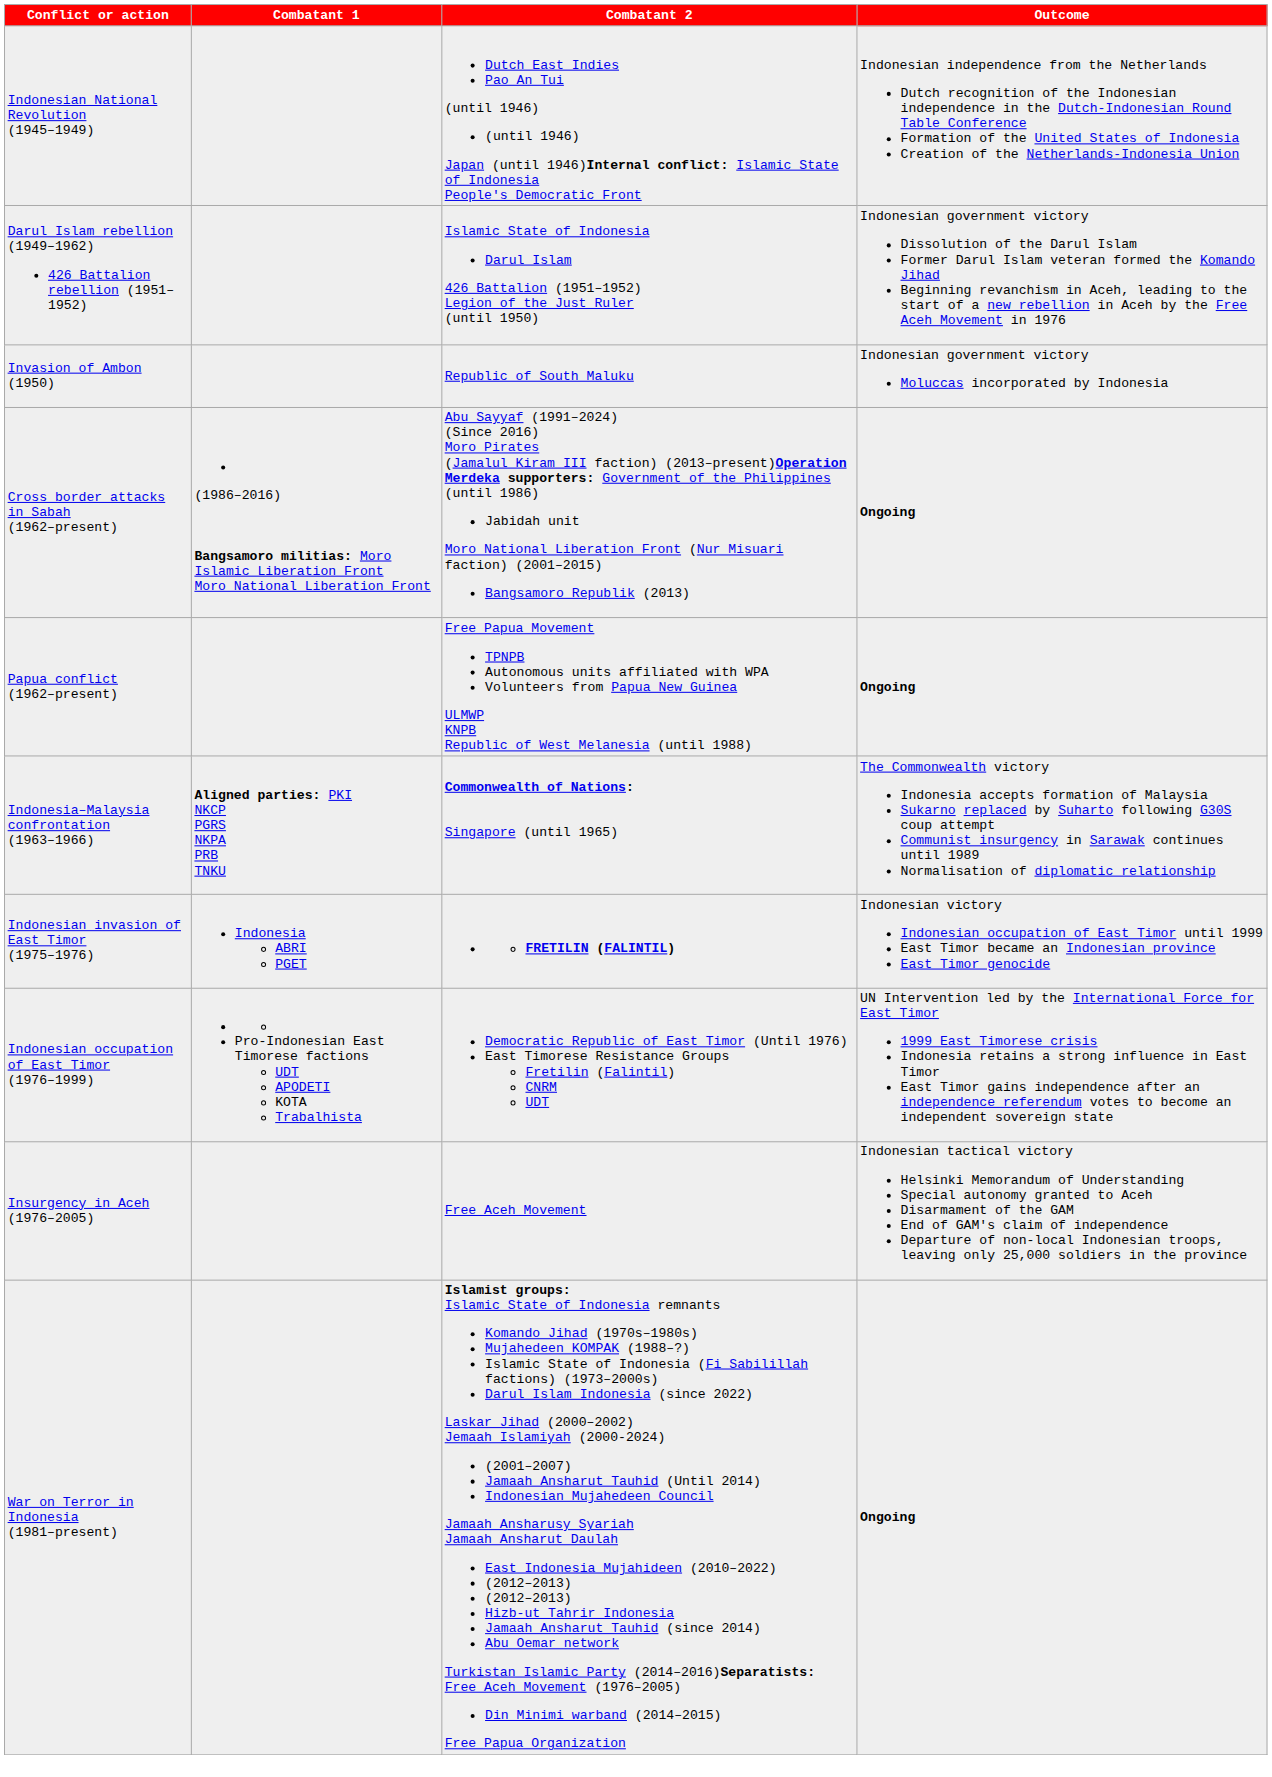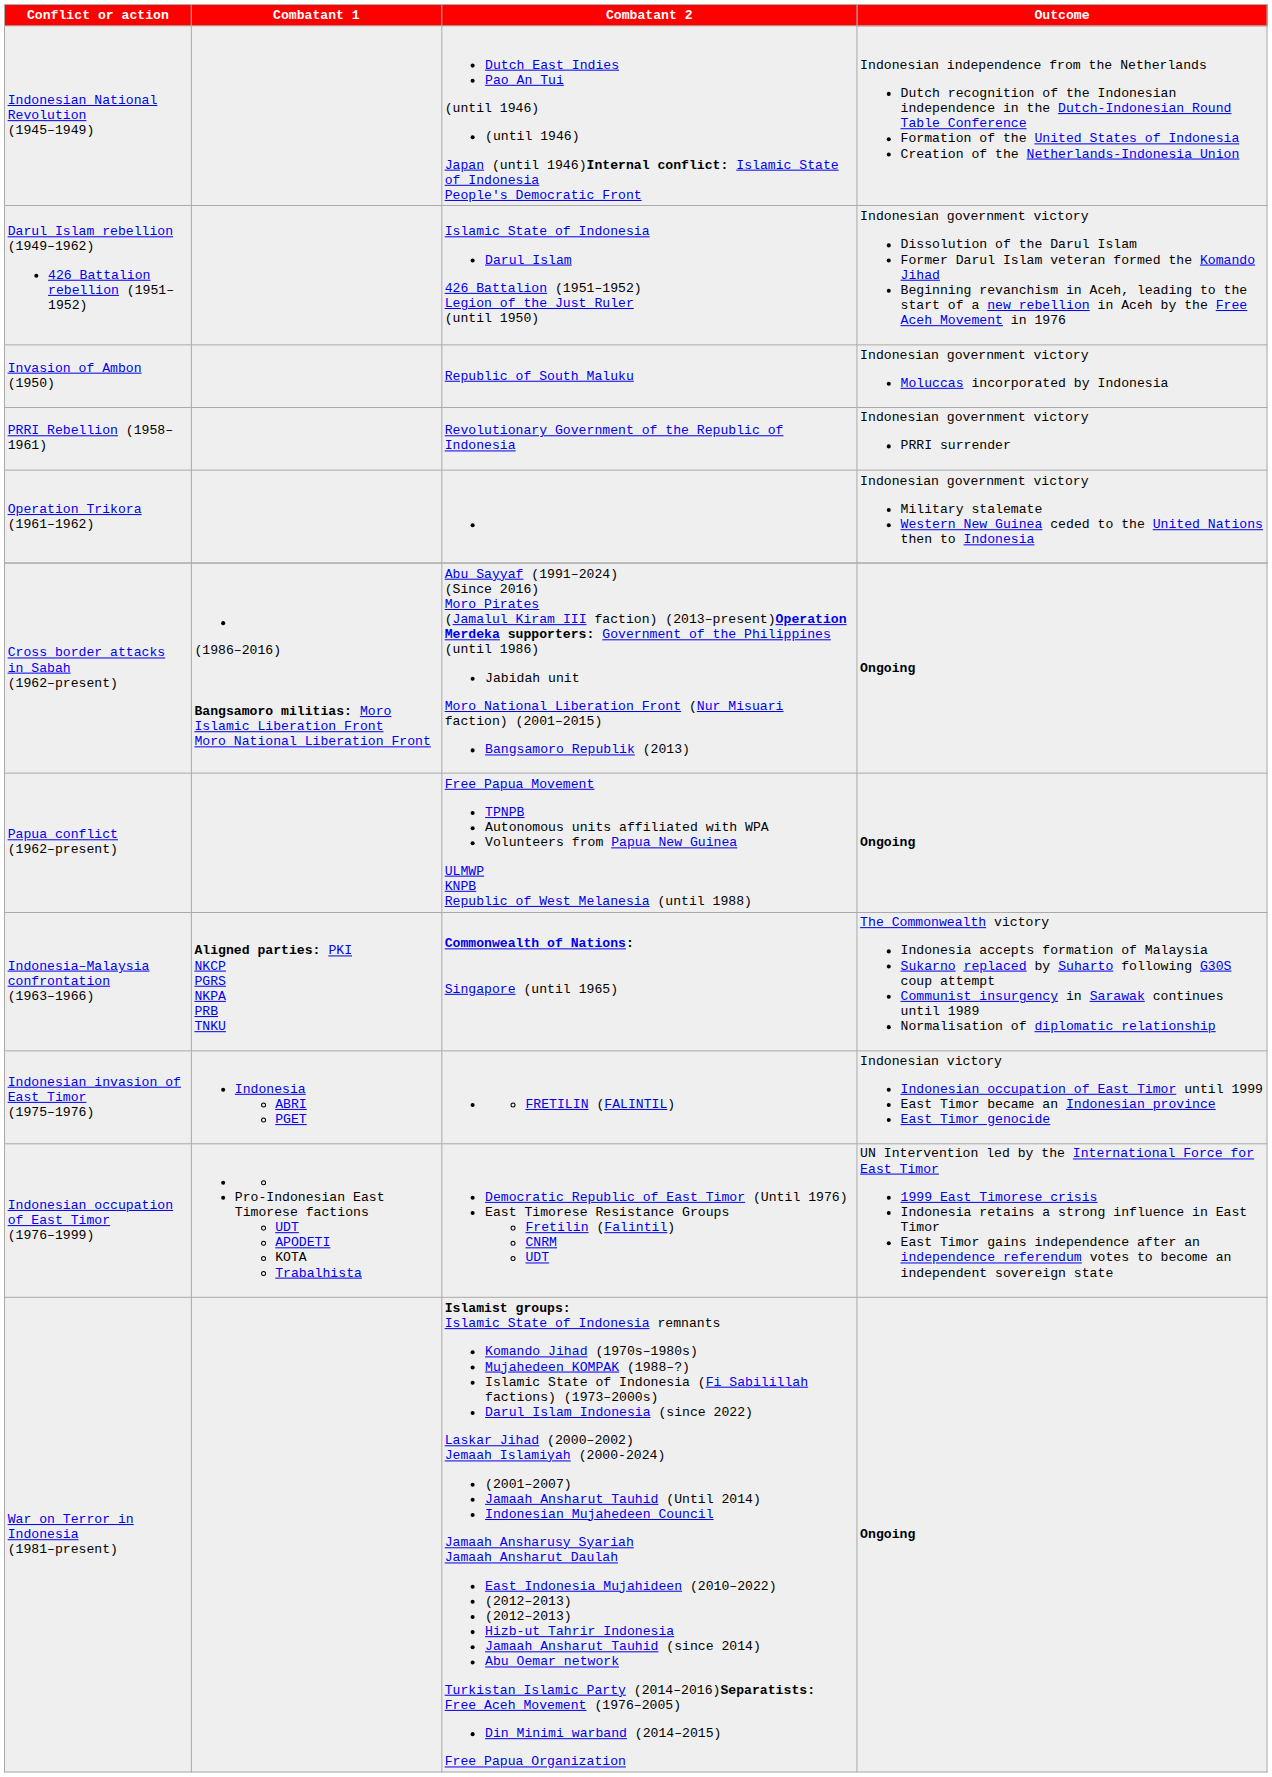 <table class="wikitable" style="background:#efefef;">
 <tr>
 <th style="background-color:red; color:white;">Conflict or action</th>
 <th style="background-color:red; color:white;">Combatant 1</th>
 <th style="background-color:red; color:white;">Combatant 2</th>
 <th style="background-color:red; color:white;">Outcome</th>
 </tr>
 <tr>
 <td style="background:#efefef"><a href='#'>Indonesian National Revolution</a><br>(1945–1949)</td>
 <td style="background:#efefef"></td>
 <td style="background:#efefef"><br><ul><li> <a href='#'>Dutch East Indies</a></li><li> <a href='#'>Pao An Tui</a></li></ul> (until 1946)<ul><li> (until 1946)</li></ul> <a href='#'>Japan</a> (until 1946)<strong>Internal conflict:</strong>  <a href='#'>Islamic State of Indonesia</a> <br> <a href='#'>People's Democratic Front</a></td>
 <td>Indonesian independence from the Netherlands<br><ul><li>Dutch recognition of the Indonesian independence in the <a href='#'>Dutch-Indonesian Round Table Conference</a></li><li>Formation of the <a href='#'>United States of Indonesia</a></li><li>Creation of the <a href='#'>Netherlands-Indonesia Union</a></li></ul></td>
 </tr>
 <tr>
 <td style="background:#efefef"><a href='#'>Darul Islam rebellion</a><br>(1949–1962)<br><ul><li><a href='#'>426 Battalion rebellion</a> (1951–1952)</li></ul></td>
 <td style="background:#efefef"></td>
 <td style="background:#efefef"> <a href='#'>Islamic State of Indonesia</a><br><ul><li> <a href='#'>Darul Islam</a></li></ul><a href='#'>426 Battalion</a> (1951–1952)<br> <a href='#'>Legion of the Just Ruler</a><br>(until 1950)</td>
 <td>Indonesian government victory<br><ul><li>Dissolution of the Darul Islam</li><li>Former Darul Islam veteran formed the <a href='#'>Komando Jihad</a></li><li>Beginning revanchism in Aceh, leading to the start of a <a href='#'>new rebellion</a> in Aceh by the <a href='#'>Free Aceh Movement</a> in 1976</li></ul></td>
 </tr>
 <tr>
 <td style="background:#efefef"><a href='#'>Invasion of Ambon</a><br>(1950)</td>
 <td style="background:#efefef"></td>
 <td style="background:#efefef"> <a href='#'>Republic of South Maluku</a></td>
 <td>Indonesian government victory<br><ul><li><a href='#'>Moluccas</a> incorporated by Indonesia</li></ul></td>
 </tr>
 <tr>
+<td><a href='#'>PRRI  Rebellion</a>    (1958–1961)</td>
+<td></td>
+<td> <a href='#'>Revolutionary Government of the Republic of Indonesia</a></td>
+<td>Indonesian government victory<br><ul><li>PRRI surrender</li></ul></td>
+</tr>
+<tr>
+<td style="background:#efefef"><a href='#'>Operation Trikora</a><br>(1961–1962)</td>
+<td style="background:#efefef"></td>
+<td style="background:#efefef"><br><ul><li></li></ul></td>
+<td>Indonesian government victory<br><ul><li>Military stalemate</li><li><a href='#'>Western New Guinea</a> ceded to the <a href='#'>United Nations</a> then to <a href='#'>Indonesia</a></li></ul></td>
+</tr>
+<tr>
 </tr>
 <tr>
 <td style="background:#efefef"><a href='#'>Cross border attacks in Sabah</a><br>(1962–present)</td>
 <td style="background:#efefef"><br><ul><li></li></ul> (1986‒2016)<br><br><br><br><strong>Bangsamoro militias:</strong>  <a href='#'>Moro Islamic Liberation Front</a><br>  <a href='#'>Moro National Liberation Front</a></td>
 <td style="background:#efefef"> <a href='#'>Abu Sayyaf</a> (1991–2024)<br> (Since 2016)<br><a href='#'>Moro Pirates</a><br> (<a href='#'>Jamalul Kiram III</a> faction) (2013–present)<strong><a href='#'>Operation Merdeka</a> supporters:</strong>  <a href='#'>Government of the Philippines</a> (until 1986)<ul><li> Jabidah unit</li></ul> <a href='#'>Moro National Liberation Front</a> (<a href='#'>Nur Misuari</a> faction) (2001–2015)<ul><li> <a href='#'>Bangsamoro Republik</a> (2013)</li></ul></td>
 <td><strong>Ongoing</strong></td>
 </tr>
 <tr>
 <td style="background:#efefef"><a href='#'>Papua conflict</a><br>(1962–present)</td>
 <td style="background:#efefef"></td>
 <td style="background:#efefef"> <a href='#'>Free Papua Movement</a><br><ul><li> <a href='#'>TPNPB</a></li><li> Autonomous units  affiliated with WPA</li><li>Volunteers from <a href='#'>Papua New Guinea</a></li></ul> <a href='#'>ULMWP</a><br>  <a href='#'>KNPB</a><br> <a href='#'>Republic of West Melanesia</a> (until 1988)</td>
 <td><strong>Ongoing</strong></td>
 </tr>
 <tr>
 <td style="background:#efefef"><a href='#'>Indonesia–Malaysia confrontation</a><br>(1963–1966)</td>
 <td style="background:#efefef"><br><strong>Aligned parties:</strong>  <a href='#'>PKI</a><br> <a href='#'>NKCP</a><br> <a href='#'>PGRS</a><br><a href='#'>NKPA</a><br> <a href='#'>PRB</a><br><a href='#'>TNKU</a></td>
 <td style="background:#efefef"><strong><a href='#'>Commonwealth of Nations</a>:</strong><br><br><br> <a href='#'>Singapore</a> (until 1965)<br><br><br></td>
 <td><a href='#'>The Commonwealth</a> victory<br><ul><li>Indonesia accepts formation of Malaysia</li><li><a href='#'>Sukarno</a> <a href='#'>replaced</a> by <a href='#'>Suharto</a> following <a href='#'>G30S</a> coup attempt</li><li><a href='#'>Communist insurgency</a> in <a href='#'>Sarawak</a> continues until 1989</li><li>Normalisation of <a href='#'>diplomatic relationship</a></li></ul></td>
 </tr>
 <tr>
 <td style="background:#efefef"><a href='#'>Indonesian invasion of East Timor</a><br>(1975–1976)</td>
 <td style="background:#efefef"><br><ul><li> <a href='#'>Indonesia</a><ul><li> <a href='#'>ABRI</a></li><li> <a href='#'>PGET</a></li></ul></li></ul></td>
-<td style="background:#efefef"><strong><br><ul><li><ul><li> <a href='#'>FRETILIN</a> (<a href='#'>FALINTIL</a>)</li></ul></li></ul></strong></td>
+<td style="background:#efefef"><br><ul><li><ul><li> <a href='#'>FRETILIN</a> (<a href='#'>FALINTIL</a>)</li></ul></li></ul></td>
 <td>Indonesian victory<br><ul><li><a href='#'>Indonesian occupation of East Timor</a> until 1999</li><li>East Timor became an <a href='#'>Indonesian province</a></li><li><a href='#'>East Timor genocide</a></li></ul></td>
 </tr>
 <tr>
 <td style="background:#efefef"><a href='#'>Indonesian occupation of East Timor</a><br>(1976–1999)</td>
 <td style="background:#efefef"><br><ul><li><ul><li></li></ul></li><li>Pro-Indonesian East Timorese factions<ul><li> <a href='#'>UDT</a></li><li> <a href='#'>APODETI</a></li><li>KOTA</li><li> <a href='#'>Trabalhista</a></li></ul></li></ul></td>
 <td style="background:#efefef"><br><ul><li> <a href='#'>Democratic Republic of East Timor</a> (Until 1976)</li><li>East Timorese Resistance Groups<ul><li> <a href='#'>Fretilin</a> (<a href='#'>Falintil</a>)</li><li>  <a href='#'>CNRM</a></li><li> <a href='#'>UDT</a></li></ul></li></ul></td>
 <td>UN Intervention led by the <a href='#'>International Force for East Timor</a><br><ul><li><a href='#'>1999 East Timorese crisis</a></li><li>Indonesia retains a strong influence in East Timor</li><li>East Timor gains independence after an <a href='#'>independence referendum</a> votes to become an independent sovereign state</li></ul></td>
 </tr>
 <tr>
-<td style="background:#efefef"><a href='#'>Insurgency in Aceh</a><br>(1976–2005)</td>
-<td style="background:#efefef"></td>
-<td style="background:#efefef"> <a href='#'>Free Aceh Movement</a></td>
-<td>Indonesian tactical victory<br><ul><li>Helsinki Memorandum of Understanding</li><li>Special autonomy granted to Aceh</li><li>Disarmament of the GAM</li><li>End of GAM's claim of independence</li><li>Departure of non-local Indonesian troops, leaving only 25,000 soldiers in the province</li></ul></td>
-</tr>
-<tr>
 <td style="background:#efefef"><a href='#'>War on Terror in Indonesia</a><br>(1981–present)</td>
 <td style="background:#efefef"></td>
 <td style="background:#efefef"><strong>Islamist groups:</strong><br> <a href='#'>Islamic State of Indonesia</a> remnants<ul><li><a href='#'>Komando Jihad</a> (1970s–1980s)</li><li><a href='#'>Mujahedeen KOMPAK</a> (1988–?)</li><li> Islamic State of Indonesia (<a href='#'>Fi Sabilillah</a> factions) (1973–2000s)</li><li> <a href='#'>Darul Islam Indonesia</a> (since 2022)</li></ul> <a href='#'>Laskar Jihad</a> (2000–2002)<br> <a href='#'>Jemaah Islamiyah</a> (2000-2024)<ul><li> (2001–2007)</li><li> <a href='#'>Jamaah Ansharut Tauhid</a> (Until 2014)</li><li><a href='#'>Indonesian Mujahedeen Council</a></li></ul> <a href='#'>Jamaah Ansharusy Syariah</a><br> <a href='#'>Jamaah Ansharut Daulah</a><ul><li> <a href='#'>East Indonesia Mujahideen</a> (2010–2022)</li><li> (2012–2013)</li><li>  (2012–2013)</li><li> <a href='#'>Hizb-ut Tahrir Indonesia</a></li><li><a href='#'>Jamaah Ansharut Tauhid</a> (since 2014)</li><li><a href='#'>Abu Oemar network</a></li></ul> <a href='#'>Turkistan Islamic Party</a> (2014–2016)<strong>Separatists:</strong>  <a href='#'>Free Aceh Movement</a> (1976–2005)<ul><li> <a href='#'>Din Minimi warband</a> (2014–2015)</li></ul> <a href='#'>Free Papua Organization</a></td>
 <td><strong>Ongoing</strong></td>
 </tr>
 </table>
